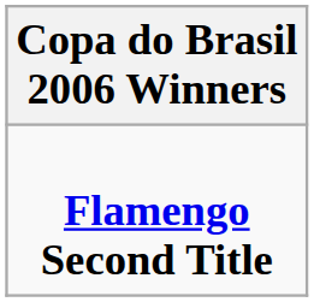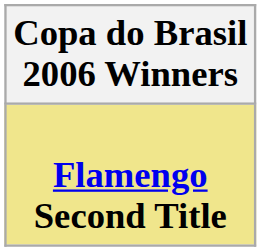 <table class="wikitable" style="text-align: center; margin: 0 auto;">
 <tr>
 <th>Copa do Brasil<br>2006 Winners</th>
 </tr>
 <tr>
-<td><br><strong><a href='#'>Flamengo</a></strong><br><strong>Second Title</strong></td>
+<td style="background: khaki;"><br><strong><a href='#'>Flamengo</a></strong><br><strong>Second Title</strong></td>
 </tr>
 </table>
